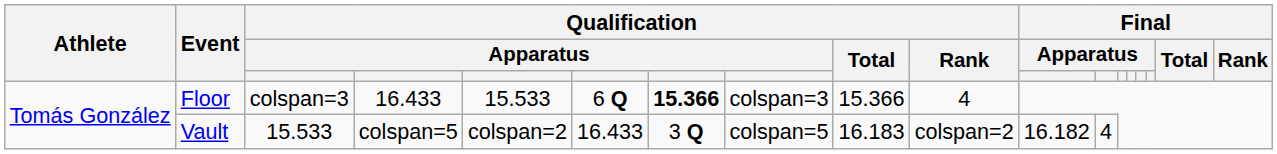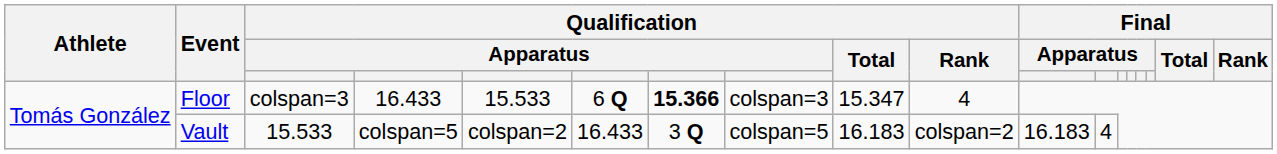 <table class="wikitable" style="font-size:90%">
 <tr>
 <th rowspan=3>Athlete</th>
 <th rowspan=3>Event</th>
 <th colspan =8>Qualification</th>
 <th colspan =8>Final</th>
 </tr>
 <tr style="font-size:95%">
 <th colspan=6>Apparatus</th>
 <th rowspan=2>Total</th>
 <th rowspan=2>Rank</th>
 <th colspan=6>Apparatus</th>
 <th rowspan=2>Total</th>
 <th rowspan=2>Rank</th>
 </tr>
 <tr style="font-size:95%">
 <th></th>
 <th></th>
 <th></th>
 <th></th>
 <th></th>
 <th></th>
 <th></th>
 <th></th>
 <th></th>
 <th></th>
 <th></th>
 <th></th>
 </tr>
 <tr align=center>
 <td align=left rowspan=2><a href='#'>Tomás González</a></td>
 <td align=left><a href='#'>Floor</a></td>
 <td>colspan=3 </td>
 <td>16.433</td>
 <td>15.533</td>
 <td>6 <strong>Q</strong></td>
 <td><strong>15.366</strong></td>
 <td>colspan=3 </td>
-<td>15.366</td>
+<td>15.347</td>
 <td>4</td>
 </tr>
 <tr align=center>
 <td align=left><a href='#'>Vault</a></td>
 <td>15.533</td>
 <td>colspan=5 </td>
 <td>colspan=2 </td>
 <td>16.433</td>
 <td>3 <strong>Q</strong></td>
 <td>colspan=5 </td>
 <td>16.183</td>
 <td>colspan=2 </td>
-<td>16.182</td>
+<td>16.183</td>
 <td>4</td>
 </tr>
 </table>
